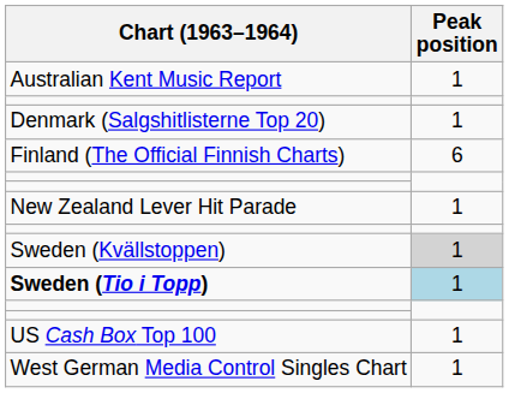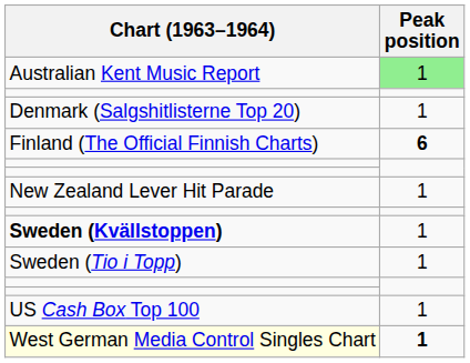 <table class="wikitable sortable">
 <tr>
 <th>Chart (1963–1964)</th>
 <th>Peak<br>position</th>
 </tr>
 <tr>
 <td>Australian <a href='#'>Kent Music Report</a></td>
-<td style="text-align:center;">1</td>
+<td style="background: lightgreen; text-align:center;">1</td>
 </tr>
 <tr>
 <td></td>
 </tr>
 <tr>
 <td>Denmark (<a href='#'>Salgshitlisterne Top 20</a>)</td>
 <td style="text-align:center;">1</td>
 </tr>
 <tr>
 <td>Finland (<a href='#'>The Official Finnish Charts</a>)</td>
-<td style="text-align:center;">6</td>
+<td style="text-align:center;"><strong>6</strong></td>
 </tr>
 <tr>
 <td></td>
 </tr>
 <tr>
 <td></td>
 </tr>
 <tr>
 <td>New Zealand Lever Hit Parade</td>
 <td style="text-align:center;">1</td>
 </tr>
 <tr>
 <td></td>
 </tr>
 <tr>
-<td>Sweden (<a href='#'>Kvällstoppen</a>)</td>
-<td style="background: lightgrey; text-align:center;">1</td>
+<td><strong>Sweden (<a href='#'>Kvällstoppen</a>)</strong></td>
+<td style="text-align:center;">1</td>
 </tr>
 <tr>
-<td><strong>Sweden (<em><a href='#'>Tio i Topp</a></em>)</strong></td>
-<td style="background: lightblue; text-align:center;">1</td>
+<td>Sweden (<em><a href='#'>Tio i Topp</a></em>)</td>
+<td style="text-align:center;">1</td>
 </tr>
 <tr>
 <td></td>
 </tr>
 <tr>
 <td></td>
 </tr>
 <tr>
 <td>US <a href='#'><em>Cash Box</em> Top 100</a></td>
 <td style="text-align:center;">1</td>
 </tr>
 <tr>
-<td>West German <a href='#'>Media Control</a> Singles Chart</td>
-<td style="text-align:center;">1</td>
+<td style="background: lightyellow;">West German <a href='#'>Media Control</a> Singles Chart</td>
+<td style="text-align:center;"><strong>1</strong></td>
 </tr>
 </table>
